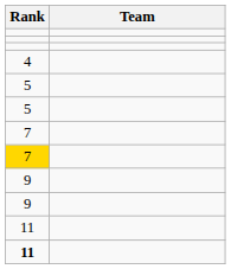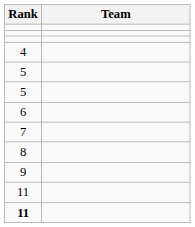 <table class="wikitable" style="text-align: center;">
 <tr>
 <th width=40>Rank</th>
 <th width=180>Team</th>
 </tr>
 <tr>
 <td></td>
 <td align=left></td>
 </tr>
 <tr>
 <td></td>
 <td align=left></td>
 </tr>
 <tr>
 <td></td>
 <td style="text-align:left;"></td>
 </tr>
 <tr>
 <td>4</td>
 <td align=left></td>
 </tr>
 <tr>
 <td>5</td>
 <td align=left></td>
 </tr>
 <tr>
 <td>5</td>
 <td align=left></td>
 </tr>
 <tr>
+<td>6</td>
+<td align=left></td>
+</tr>
+<tr>
 <td>7</td>
 <td align=left></td>
 </tr>
 <tr>
-<td style="background: gold;">7</td>
-<td align=left></td>
-</tr>
-<tr>
-<td>9</td>
+<td>8</td>
 <td align=left></td>
 </tr>
 <tr>
 <td>9</td>
 <td align=left></td>
 </tr>
 <tr>
 <td>11</td>
 <td align=left></td>
 </tr>
 <tr>
 <td><strong>11</strong></td>
 <td align=left></td>
 </tr>
 </table>
